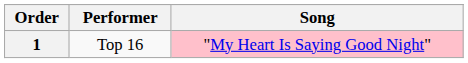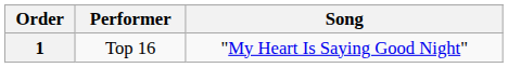 <table class="wikitable" style="text-align:center; width:50%;">
 <tr>
 </tr>
 <tr>
 <th>Order</th>
 <th>Performer</th>
 <th>Song</th>
 </tr>
 <tr>
 <th>1</th>
 <td>Top 16</td>
-<td style="background: pink;">"<a href='#'>My Heart Is Saying Good Night</a>"</td>
+<td>"<a href='#'>My Heart Is Saying Good Night</a>"</td>
 </tr>
 </table>
